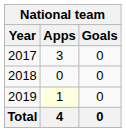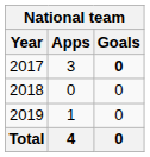 <table class="wikitable" style="text-align:center">
 <tr>
 <th colspan=3>National team</th>
 </tr>
 <tr>
 <th>Year</th>
 <th>Apps</th>
 <th>Goals</th>
 </tr>
 <tr>
 <td>2017</td>
 <td>3</td>
-<td>0</td>
+<td><strong>0</strong></td>
 </tr>
 <tr>
 <td>2018</td>
 <td>0</td>
 <td>0</td>
 </tr>
 <tr>
 <td>2019</td>
-<td style="background: lightyellow;">1</td>
+<td>1</td>
 <td>0</td>
 </tr>
 <tr>
 <th>Total</th>
 <th>4</th>
 <th>0</th>
 </tr>
 </table>
